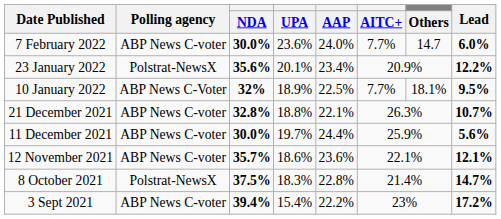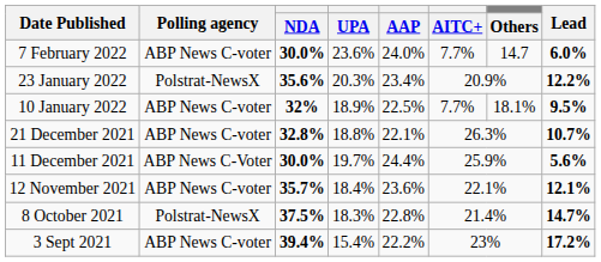 <table class="wikitable sortable" style="text-align:center;font-size:95%">
 <tr>
 <th rowspan="2">Date Published</th>
 <th rowspan="2">Polling agency</th>
 <th style="background:"></th>
 <th style="background:"></th>
 <th style="background:"></th>
 <th style="background:"></th>
 <th style="background:gray;"></th>
 <th rowspan="2">Lead</th>
 </tr>
 <tr>
 <th><a href='#'>NDA</a></th>
 <th><a href='#'>UPA</a></th>
 <th><a href='#'>AAP</a></th>
 <th><a href='#'>AITC+</a></th>
 <th>Others</th>
 </tr>
 <tr>
 <td>7 February 2022</td>
 <td>ABP News C-voter</td>
 <td style="background:"><strong>30.0%</strong></td>
 <td>23.6%</td>
 <td>24.0%</td>
 <td>7.7%</td>
 <td>14.7</td>
 <td style="background:"><strong>6.0%</strong></td>
 </tr>
 <tr>
 <td>23 January 2022</td>
 <td>Polstrat-NewsX</td>
 <td style="background:"><strong>35.6%</strong></td>
-<td>20.1%</td>
+<td>20.3%</td>
 <td>23.4%</td>
 <td colspan="2">20.9%</td>
 <td style="background:"><strong>12.2%</strong></td>
 </tr>
 <tr>
 <td>10 January 2022</td>
-<td>ABP News C-Voter</td>
+<td>ABP News C-voter</td>
 <td style="background:"><strong>32%</strong></td>
 <td>18.9%</td>
 <td>22.5%</td>
 <td>7.7%</td>
 <td>18.1%</td>
 <td style="background:"><strong>9.5%</strong></td>
 </tr>
 <tr>
 <td>21 December 2021</td>
 <td>ABP News C-voter</td>
 <td style="background:"><strong>32.8%</strong></td>
 <td>18.8%</td>
 <td>22.1%</td>
 <td colspan="2">26.3%</td>
 <td style="background:"><strong>10.7%</strong></td>
 </tr>
 <tr>
 <td>11 December 2021</td>
-<td>ABP News C-voter</td>
+<td>ABP News C-Voter</td>
 <td style="background:"><strong>30.0%</strong></td>
 <td>19.7%</td>
 <td>24.4%</td>
 <td colspan="2">25.9%</td>
 <td style="background:"><strong>5.6%</strong></td>
 </tr>
 <tr>
 <td>12 November 2021</td>
 <td>ABP News C-voter</td>
 <td style="background:"><strong>35.7%</strong></td>
-<td>18.6%</td>
+<td>18.4%</td>
 <td>23.6%</td>
 <td colspan="2">22.1%</td>
 <td style="background:"><strong>12.1%</strong></td>
 </tr>
 <tr>
 <td>8 October 2021</td>
 <td>Polstrat-NewsX</td>
 <td style="background:"><strong>37.5%</strong></td>
 <td>18.3%</td>
 <td>22.8%</td>
 <td colspan="2">21.4%</td>
 <td style="background:"><strong>14.7%</strong></td>
 </tr>
 <tr>
 <td>3 Sept 2021</td>
 <td>ABP News C-voter</td>
 <td style="background:"><strong>39.4%</strong></td>
 <td>15.4%</td>
 <td>22.2%</td>
 <td colspan="2">23%</td>
 <td style="background:"><strong>17.2%</strong></td>
 </tr>
 </table>
